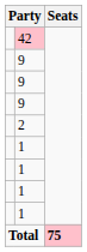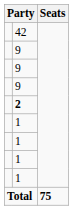 <table class="wikitable">
 <tr>
 <th colspan=2>Party</th>
 <th>Seats</th>
 </tr>
 <tr>
 <td></td>
-<td style="background: pink;">42</td>
+<td>42</td>
 </tr>
 <tr>
 <td></td>
 <td>9</td>
 </tr>
 <tr>
 <td></td>
 <td>9</td>
 </tr>
 <tr>
 <td></td>
 <td>9</td>
 </tr>
 <tr>
 <td></td>
-<td>2</td>
+<td><strong>2</strong></td>
 </tr>
 <tr>
 <td></td>
 <td>1</td>
 </tr>
 <tr>
 <td></td>
 <td>1</td>
 </tr>
 <tr>
 <td></td>
 <td>1</td>
 </tr>
 <tr>
 <td></td>
 <td>1</td>
 </tr>
 <tr>
 <td colspan="2"><strong>Total</strong></td>
-<td style="background: pink;"><strong>75</strong></td>
+<td><strong>75</strong></td>
 </tr>
 </table>
